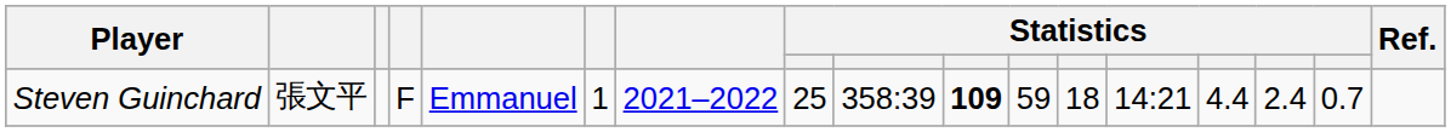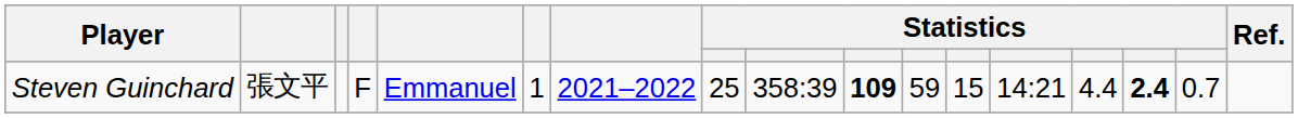 <table class="wikitable sortable" style="font-size:95%; text-align:right;">
 <tr>
 <th rowspan="2">Player</th>
 <th rowspan="2"></th>
 <th rowspan="2"></th>
 <th rowspan="2"></th>
 <th rowspan="2"></th>
 <th rowspan="2"></th>
 <th rowspan="2"></th>
 <th colspan="9">Statistics</th>
 <th rowspan="2">Ref.</th>
 </tr>
 <tr>
 <th></th>
 <th></th>
 <th></th>
 <th></th>
 <th></th>
 <th></th>
 <th></th>
 <th></th>
 <th></th>
 </tr>
 <tr>
 <td align="left"><em>Steven Guinchard</em></td>
 <td align="left">張文平</td>
 <td align="center"></td>
 <td align="center">F</td>
 <td align="left"><a href='#'>Emmanuel</a></td>
 <td align="center">1</td>
 <td align="center"><a href='#'>2021–2022</a></td>
 <td>25</td>
 <td>358:39</td>
 <td><strong>109</strong></td>
 <td>59</td>
-<td>18</td>
+<td>15</td>
 <td>14:21</td>
 <td>4.4</td>
-<td>2.4</td>
+<td><strong>2.4</strong></td>
 <td>0.7</td>
 <td align="center"></td>
 </tr>
 </table>
